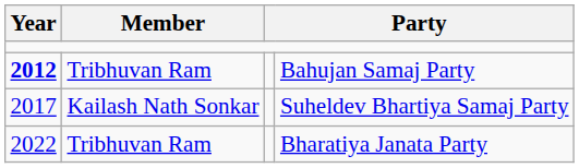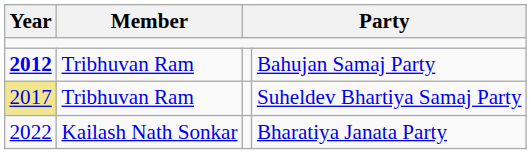 <table class="wikitable">
 <tr>
 <th>Year</th>
 <th>Member</th>
 <th colspan=2>Party</th>
 </tr>
 <tr>
 <td colspan="4"></td>
 </tr>
 <tr>
 <td><strong><a href='#'>2012</a></strong></td>
 <td><a href='#'>Tribhuvan Ram</a></td>
 <td style="background-color: "></td>
 <td><a href='#'>Bahujan Samaj Party</a></td>
 </tr>
 <tr>
-<td><a href='#'>2017</a></td>
-<td><a href='#'>Kailash Nath Sonkar</a></td>
+<td style="background: khaki;"><a href='#'>2017</a></td>
+<td><a href='#'>Tribhuvan Ram</a></td>
 <td style="background-color: "></td>
 <td><a href='#'>Suheldev Bhartiya Samaj Party</a></td>
 </tr>
 <tr>
 <td><a href='#'>2022</a></td>
-<td><a href='#'>Tribhuvan Ram</a></td>
+<td><a href='#'>Kailash Nath Sonkar</a></td>
 <td style="background-color: "></td>
 <td><a href='#'>Bharatiya Janata Party</a></td>
 </tr>
 </table>
